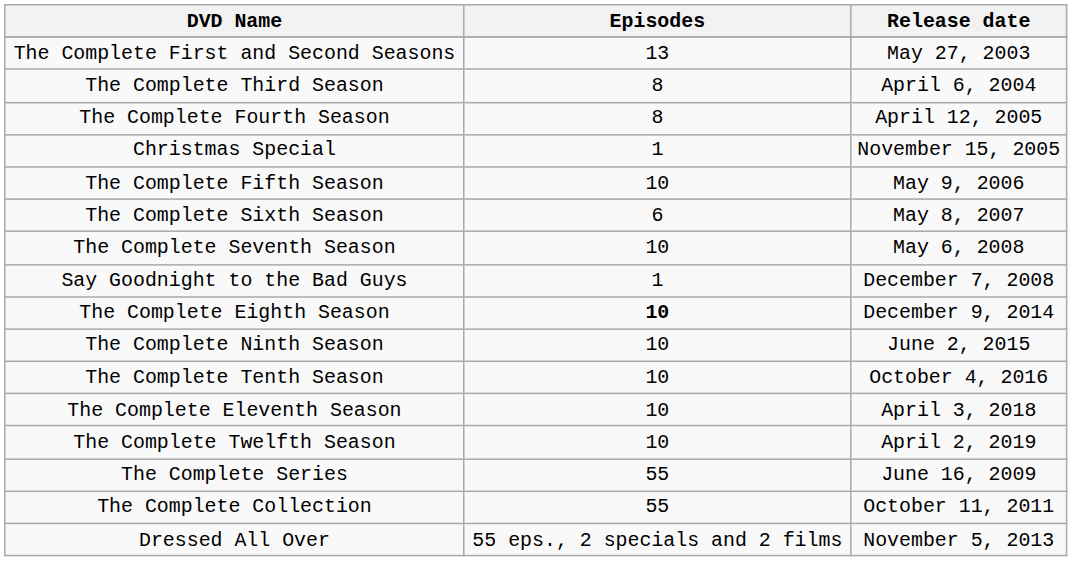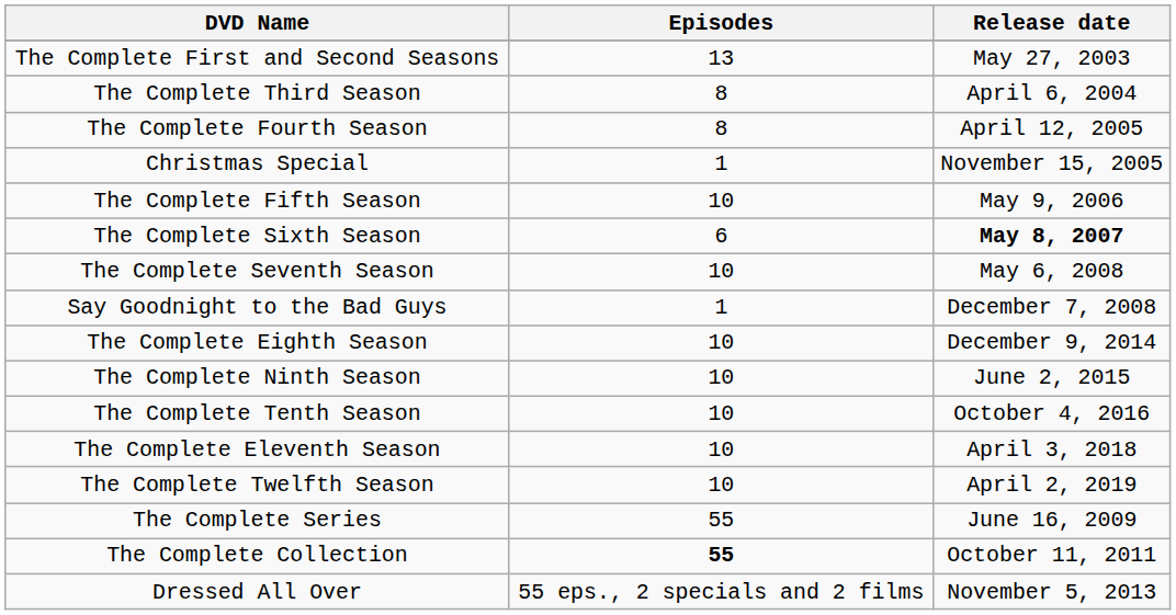 <table class="wikitable" style="width: 55%; text-align: center;">
 <tr>
 <th>DVD Name</th>
 <th>Episodes</th>
 <th>Release date</th>
 </tr>
 <tr>
 </tr>
 <tr>
 <td>The Complete First and Second Seasons</td>
 <td>13</td>
 <td>May 27, 2003</td>
 </tr>
 <tr>
 <td>The Complete Third Season</td>
 <td>8</td>
 <td>April 6, 2004</td>
 </tr>
 <tr>
 <td>The Complete Fourth Season</td>
 <td>8</td>
 <td>April 12, 2005</td>
 </tr>
 <tr>
 <td>Christmas Special</td>
 <td>1</td>
 <td>November 15, 2005</td>
 </tr>
 <tr>
 <td>The Complete Fifth Season</td>
 <td>10</td>
 <td>May 9, 2006</td>
 </tr>
 <tr>
 <td>The Complete Sixth Season</td>
 <td>6</td>
-<td>May 8, 2007</td>
+<td><strong>May 8, 2007</strong></td>
 </tr>
 <tr>
 <td>The Complete Seventh Season</td>
 <td>10</td>
 <td>May 6, 2008</td>
 </tr>
 <tr>
 <td>Say Goodnight to the Bad Guys</td>
 <td>1</td>
 <td>December 7, 2008</td>
 </tr>
 <tr>
 <td>The Complete Eighth Season</td>
-<td><strong>10</strong></td>
+<td>10</td>
 <td>December 9, 2014</td>
 </tr>
 <tr>
 <td>The Complete Ninth Season</td>
 <td>10</td>
 <td>June 2, 2015</td>
 </tr>
 <tr>
 <td>The Complete Tenth Season</td>
 <td>10</td>
 <td>October 4, 2016</td>
 </tr>
 <tr>
 <td>The Complete Eleventh Season</td>
 <td>10</td>
 <td>April 3, 2018</td>
 </tr>
 <tr>
 <td>The Complete Twelfth Season</td>
 <td>10</td>
 <td>April 2, 2019</td>
 </tr>
 <tr>
 <td>The Complete Series</td>
 <td>55</td>
 <td>June 16, 2009</td>
 </tr>
 <tr>
 <td>The Complete Collection</td>
-<td>55</td>
+<td><strong>55</strong></td>
 <td>October 11, 2011</td>
 </tr>
 <tr>
 <td>Dressed All Over </td>
 <td>55 eps., 2 specials and 2 films</td>
 <td>November 5, 2013</td>
 </tr>
 </table>
